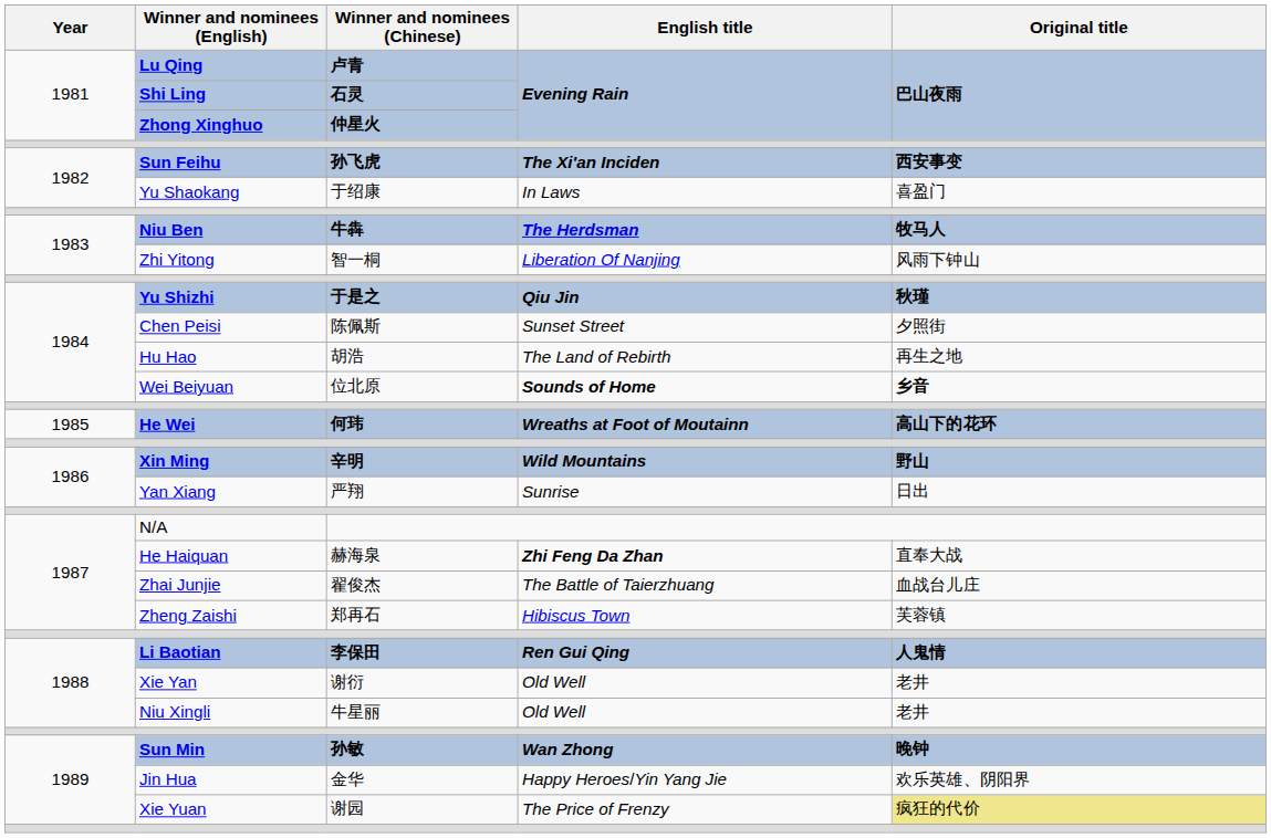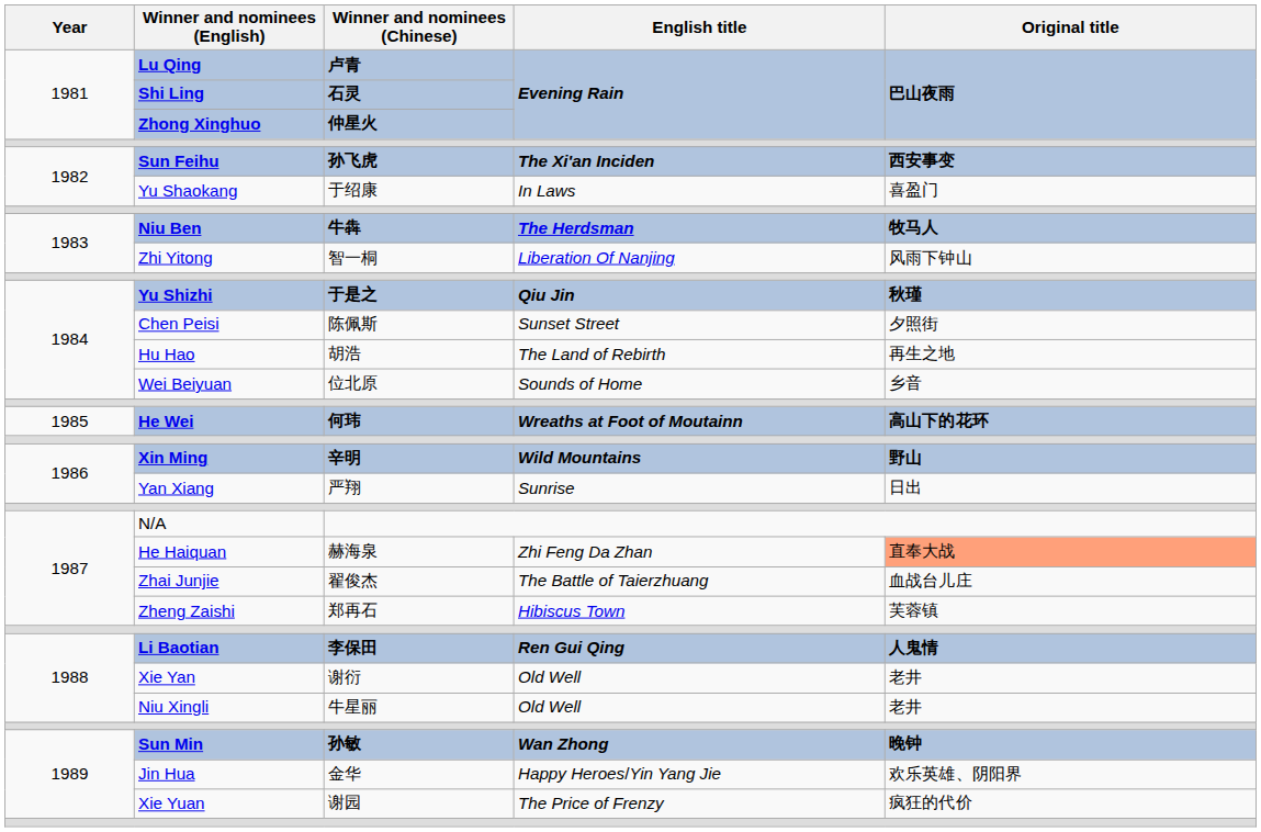 <table class="wikitable" width="95%" cellpadding="5">
 <tr>
 <th width="100"><strong>Year</strong></th>
 <th width="150"><strong>Winner and nominees<br>(English)</strong></th>
 <th width="150"><strong>Winner and nominees<br>(Chinese)</strong></th>
 <th width="300"><strong>English title</strong></th>
 <th width="300"><strong>Original title</strong></th>
 </tr>
 <tr>
 <td rowspan="3" style="text-align:center;">1981</td>
 <td style="background:#B0C4DE;"><strong><a href='#'>Lu Qing</a></strong></td>
 <td style="background:#B0C4DE;"><strong>卢青</strong></td>
 <td rowspan="3" style="background:#B0C4DE;"><strong><em>Evening Rain</em></strong></td>
 <td rowspan="3" style="background:#B0C4DE;"><strong>巴山夜雨</strong></td>
 </tr>
 <tr>
 <td style="background:#B0C4DE;"><strong><a href='#'>Shi Ling</a></strong></td>
 <td style="background:#B0C4DE;"><strong>石灵</strong></td>
 </tr>
 <tr>
 <td style="background:#B0C4DE;"><strong><a href='#'>Zhong Xinghuo</a></strong></td>
 <td style="background:#B0C4DE;"><strong>仲星火</strong></td>
 </tr>
 <tr bgcolor=#DDDDDD>
 <td colspan=5></td>
 </tr>
 <tr>
 <td rowspan="2" style="text-align:center;">1982</td>
 <td style="background:#B0C4DE;"><strong><a href='#'>Sun Feihu</a></strong></td>
 <td style="background:#B0C4DE;"><strong>孙飞虎</strong></td>
 <td style="background:#B0C4DE;"><strong><em>The Xi'an Inciden</em></strong></td>
 <td style="background:#B0C4DE;"><strong>西安事变</strong></td>
 </tr>
 <tr>
 <td><a href='#'>Yu Shaokang</a></td>
 <td>于绍康</td>
 <td><em>In Laws</em></td>
 <td>喜盈门</td>
 </tr>
 <tr bgcolor=#DDDDDD>
 <td colspan=5></td>
 </tr>
 <tr>
 <td rowspan="2" style="text-align:center;">1983</td>
 <td style="background:#B0C4DE;"><strong><a href='#'>Niu Ben</a></strong></td>
 <td style="background:#B0C4DE;"><strong>牛犇</strong></td>
 <td style="background:#B0C4DE;"><strong><em><a href='#'>The Herdsman</a></em></strong></td>
 <td style="background:#B0C4DE;"><strong>牧马人</strong></td>
 </tr>
 <tr>
 <td><a href='#'>Zhi Yitong</a></td>
 <td>智一桐</td>
 <td><em><a href='#'>Liberation Of Nanjing</a></em></td>
 <td>风雨下钟山</td>
 </tr>
 <tr bgcolor=#DDDDDD>
 <td colspan=5></td>
 </tr>
 <tr>
 <td rowspan="4" style="text-align:center;">1984</td>
 <td style="background:#B0C4DE;"><strong><a href='#'>Yu Shizhi</a></strong></td>
 <td style="background:#B0C4DE;"><strong>于是之</strong></td>
 <td style="background:#B0C4DE;"><strong><em>Qiu Jin</em></strong></td>
 <td style="background:#B0C4DE;"><strong>秋瑾</strong></td>
 </tr>
 <tr>
 <td><a href='#'>Chen Peisi</a></td>
 <td>陈佩斯</td>
 <td><em>Sunset Street</em></td>
 <td>夕照街</td>
 </tr>
 <tr>
 <td><a href='#'>Hu Hao</a></td>
 <td>胡浩</td>
 <td><em>The Land of Rebirth</em></td>
 <td>再生之地</td>
 </tr>
 <tr>
 <td><a href='#'>Wei Beiyuan</a></td>
 <td>位北原</td>
-<td><strong><em>Sounds of Home</em></strong></td>
-<td><strong>乡音</strong></td>
+<td><em>Sounds of Home</em></td>
+<td>乡音</td>
 </tr>
 <tr bgcolor=#DDDDDD>
 <td colspan=5></td>
 </tr>
 <tr>
 <td rowspan="1" style="text-align:center;">1985</td>
 <td style="background:#B0C4DE;"><strong><a href='#'>He Wei</a></strong></td>
 <td style="background:#B0C4DE;"><strong>何玮</strong></td>
 <td style="background:#B0C4DE;"><strong><em>Wreaths at Foot of Moutainn</em></strong></td>
 <td style="background:#B0C4DE;"><strong>高山下的花环</strong></td>
 </tr>
 <tr bgcolor=#DDDDDD>
 <td colspan=5></td>
 </tr>
 <tr>
 <td rowspan="2" style="text-align:center;">1986</td>
 <td style="background:#B0C4DE;"><strong><a href='#'>Xin Ming</a></strong></td>
 <td style="background:#B0C4DE;"><strong>辛明</strong></td>
 <td style="background:#B0C4DE;"><strong><em>Wild Mountains</em></strong></td>
 <td style="background:#B0C4DE;"><strong>野山</strong></td>
 </tr>
 <tr>
 <td><a href='#'>Yan Xiang</a></td>
 <td>严翔</td>
 <td><em>Sunrise</em></td>
 <td>日出</td>
 </tr>
 <tr bgcolor=#DDDDDD>
 <td colspan=5></td>
 </tr>
 <tr>
 <td rowspan="4" style="text-align:center;">1987</td>
 <td>N/A</td>
 </tr>
 <tr>
 <td><a href='#'>He Haiquan</a></td>
 <td>赫海泉</td>
-<td><strong><em>Zhi Feng Da Zhan</em></strong></td>
-<td>直奉大战</td>
+<td><em>Zhi Feng Da Zhan</em></td>
+<td style="background: lightsalmon;">直奉大战</td>
 </tr>
 <tr>
 <td><a href='#'>Zhai Junjie</a></td>
 <td>翟俊杰</td>
 <td><em>The Battle of Taierzhuang</em></td>
 <td>血战台儿庄</td>
 </tr>
 <tr>
 <td><a href='#'>Zheng Zaishi</a></td>
 <td>郑再石</td>
 <td><em><a href='#'>Hibiscus Town</a></em></td>
 <td>芙蓉镇</td>
 </tr>
 <tr bgcolor=#DDDDDD>
 <td colspan=5></td>
 </tr>
 <tr>
 <td rowspan="3" style="text-align:center;">1988</td>
 <td style="background:#B0C4DE;"><strong><a href='#'>Li Baotian</a></strong></td>
 <td style="background:#B0C4DE;"><strong>李保田</strong></td>
 <td style="background:#B0C4DE;"><strong><em>Ren Gui Qing</em></strong></td>
 <td style="background:#B0C4DE;"><strong>人鬼情</strong></td>
 </tr>
 <tr>
 <td><a href='#'>Xie Yan</a></td>
 <td>谢衍</td>
 <td><em>Old Well</em></td>
 <td>老井</td>
 </tr>
 <tr>
 <td><a href='#'>Niu Xingli</a></td>
 <td>牛星丽</td>
 <td><em>Old Well</em></td>
 <td>老井</td>
 </tr>
 <tr bgcolor=#DDDDDD>
 <td colspan=5></td>
 </tr>
 <tr>
 <td rowspan="3" style="text-align:center;">1989</td>
 <td style="background:#B0C4DE;"><strong><a href='#'>Sun Min</a></strong></td>
 <td style="background:#B0C4DE;"><strong>孙敏</strong></td>
 <td style="background:#B0C4DE;"><strong><em>Wan Zhong</em></strong></td>
 <td style="background:#B0C4DE;"><strong>晚钟</strong></td>
 </tr>
 <tr>
 <td><a href='#'>Jin Hua</a></td>
 <td>金华</td>
 <td><em>Happy Heroes</em>/<em>Yin Yang Jie</em></td>
 <td>欢乐英雄、阴阳界</td>
 </tr>
 <tr>
 <td><a href='#'>Xie Yuan</a></td>
 <td>谢园</td>
 <td><em>The Price of Frenzy</em></td>
-<td style="background: khaki;">疯狂的代价</td>
+<td>疯狂的代价</td>
 </tr>
 <tr bgcolor=#DDDDDD>
 <td colspan=5></td>
 </tr>
 </table>
